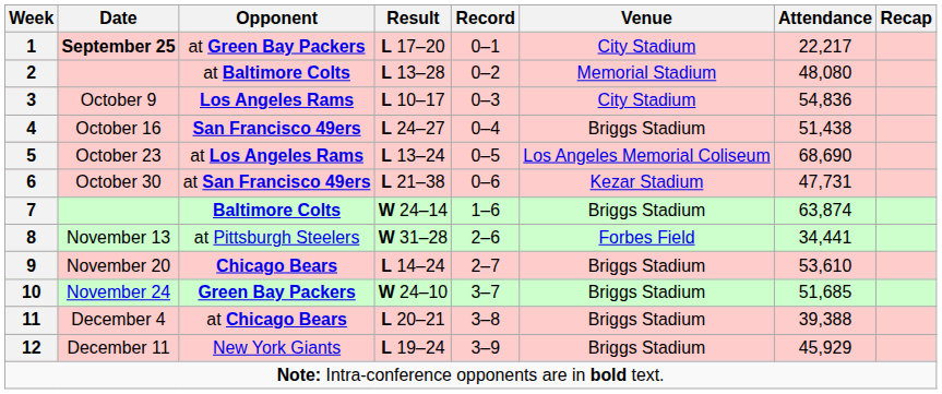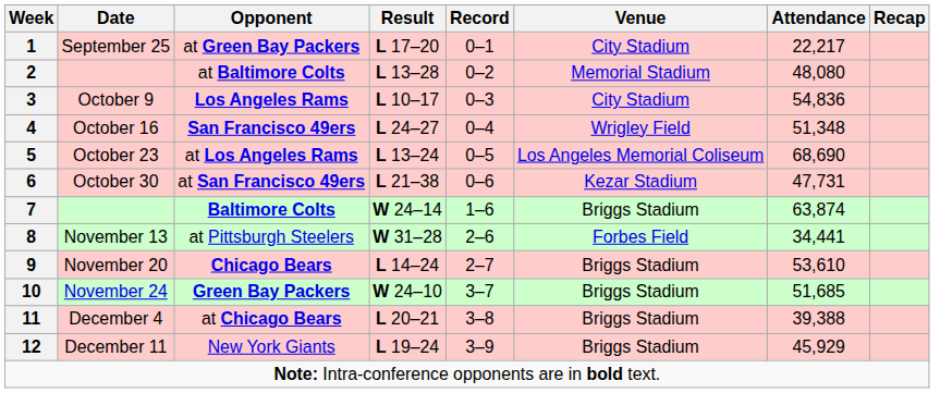 <table class="wikitable" style="text-align:center">
 <tr>
 <th>Week</th>
 <th>Date</th>
 <th>Opponent</th>
 <th>Result</th>
 <th>Record</th>
 <th>Venue</th>
 <th>Attendance</th>
 <th>Recap</th>
 </tr>
 <tr style="background:#fcc">
 <th>1</th>
-<td><strong>September 25</strong></td>
+<td>September 25</td>
 <td>at <strong><a href='#'>Green Bay Packers</a></strong></td>
 <td><strong>L</strong> 17–20</td>
 <td>0–1</td>
 <td><a href='#'>City Stadium</a></td>
 <td>22,217</td>
 <td></td>
 </tr>
 <tr style="background:#fcc">
 <th>2</th>
 <td></td>
 <td>at <strong><a href='#'>Baltimore Colts</a></strong></td>
 <td><strong>L</strong> 13–28</td>
 <td>0–2</td>
 <td><a href='#'>Memorial Stadium</a></td>
 <td>48,080</td>
 <td></td>
 </tr>
 <tr style="background:#fcc">
 <th>3</th>
 <td>October 9</td>
 <td><strong><a href='#'>Los Angeles Rams</a></strong></td>
 <td><strong>L</strong> 10–17</td>
 <td>0–3</td>
 <td><a href='#'>City Stadium</a></td>
 <td>54,836</td>
 <td></td>
 </tr>
 <tr style="background:#fcc">
 <th>4</th>
 <td>October 16</td>
 <td><strong><a href='#'>San Francisco 49ers</a></strong></td>
 <td><strong>L</strong> 24–27</td>
 <td>0–4</td>
-<td>Briggs Stadium</td>
-<td>51,438</td>
+<td><a href='#'>Wrigley Field</a></td>
+<td>51,348</td>
 <td></td>
 </tr>
 <tr style="background:#fcc">
 <th>5</th>
 <td>October 23</td>
 <td>at <strong><a href='#'>Los Angeles Rams</a></strong></td>
 <td><strong>L</strong> 13–24</td>
 <td>0–5</td>
 <td><a href='#'>Los Angeles Memorial Coliseum</a></td>
 <td>68,690</td>
 <td></td>
 </tr>
 <tr style="background:#fcc">
 <th>6</th>
 <td>October 30</td>
 <td>at <strong><a href='#'>San Francisco 49ers</a></strong></td>
 <td><strong>L</strong> 21–38</td>
 <td>0–6</td>
 <td><a href='#'>Kezar Stadium</a></td>
 <td>47,731</td>
 <td></td>
 </tr>
 <tr style="background:#cfc">
 <th>7</th>
 <td></td>
 <td><strong><a href='#'>Baltimore Colts</a></strong></td>
 <td><strong>W</strong> 24–14</td>
 <td>1–6</td>
 <td>Briggs Stadium</td>
 <td>63,874</td>
 <td></td>
 </tr>
 <tr style="background:#cfc">
 <th>8</th>
 <td>November 13</td>
 <td>at <a href='#'>Pittsburgh Steelers</a></td>
 <td><strong>W</strong> 31–28</td>
 <td>2–6</td>
 <td><a href='#'>Forbes Field</a></td>
 <td>34,441</td>
 <td></td>
 </tr>
 <tr style="background:#fcc">
 <th>9</th>
 <td>November 20</td>
 <td><strong><a href='#'>Chicago Bears</a></strong></td>
 <td><strong>L</strong> 14–24</td>
 <td>2–7</td>
 <td>Briggs Stadium</td>
 <td>53,610</td>
 <td></td>
 </tr>
 <tr style="background:#cfc">
 <th>10</th>
 <td><a href='#'>November 24</a></td>
 <td><strong><a href='#'>Green Bay Packers</a></strong></td>
 <td><strong>W</strong> 24–10</td>
 <td>3–7</td>
 <td>Briggs Stadium</td>
 <td>51,685</td>
 <td></td>
 </tr>
 <tr style="background:#fcc">
 <th>11</th>
 <td>December 4</td>
 <td>at <strong><a href='#'>Chicago Bears</a></strong></td>
 <td><strong>L</strong> 20–21</td>
 <td>3–8</td>
 <td>Briggs Stadium</td>
 <td>39,388</td>
 <td></td>
 </tr>
 <tr style="background:#fcc">
 <th>12</th>
 <td>December 11</td>
 <td><a href='#'>New York Giants</a></td>
 <td><strong>L</strong> 19–24</td>
 <td>3–9</td>
 <td>Briggs Stadium</td>
 <td>45,929</td>
 <td></td>
 </tr>
 <tr>
 <td colspan="8"><strong>Note:</strong> Intra-conference opponents are in <strong>bold</strong> text.</td>
 </tr>
 </table>
